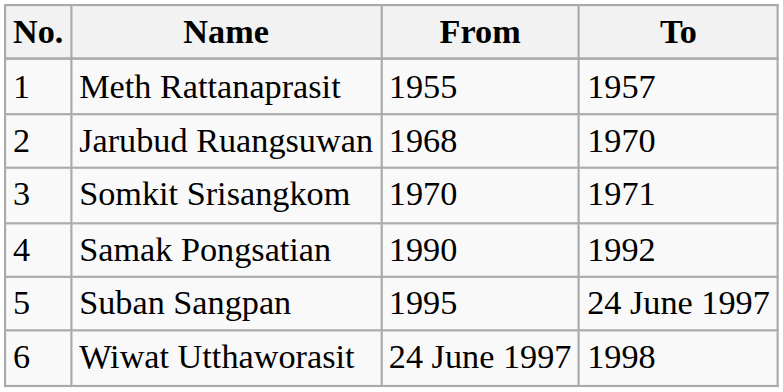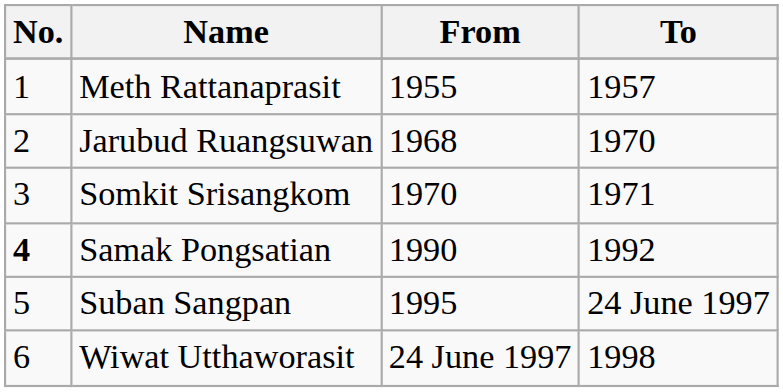 <table class="wikitable">
 <tr>
 <th>No.</th>
 <th>Name</th>
 <th>From</th>
 <th>To</th>
 </tr>
 <tr>
 </tr>
 <tr 1>
 <td>1</td>
 <td>Meth Rattanaprasit</td>
 <td>1955</td>
 <td>1957</td>
 </tr>
 <tr>
 <td>2</td>
 <td>Jarubud Ruangsuwan</td>
 <td>1968</td>
 <td>1970</td>
 </tr>
 <tr>
 <td>3</td>
 <td>Somkit Srisangkom</td>
 <td>1970</td>
 <td>1971</td>
 </tr>
 <tr>
-<td>4</td>
+<td><strong>4</strong></td>
 <td>Samak Pongsatian</td>
 <td>1990</td>
 <td>1992</td>
 </tr>
 <tr>
 <td>5</td>
 <td>Suban Sangpan</td>
 <td>1995</td>
 <td>24 June 1997</td>
 </tr>
 <tr>
 <td>6</td>
 <td>Wiwat Utthaworasit</td>
 <td>24 June 1997</td>
 <td>1998</td>
 </tr>
 </table>
